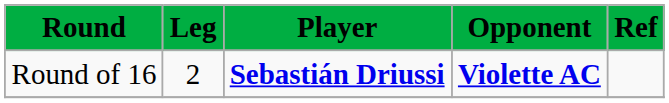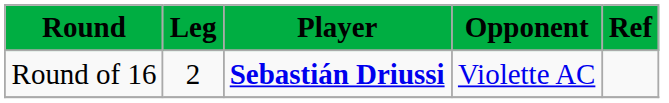 <table class=wikitable>
 <tr>
 <th style="background-color:#00AE42; color:#000000">Round</th>
 <th style="background-color:#00AE42; color:#000000">Leg</th>
 <th style="background-color:#00AE42; color:#000000">Player</th>
 <th style="background-color:#00AE42; color:#000000">Opponent</th>
 <th style="background-color:#00AE42; color:#000000">Ref</th>
 </tr>
 <tr>
 <td>Round of 16</td>
 <td align=center>2</td>
 <td><strong> <a href='#'>Sebastián Driussi</a></strong></td>
-<td><strong><a href='#'>Violette AC</a></strong></td>
+<td><a href='#'>Violette AC</a></td>
 <td style="text-align: center;"></td>
 </tr>
 <tr>
 </tr>
 </table>
